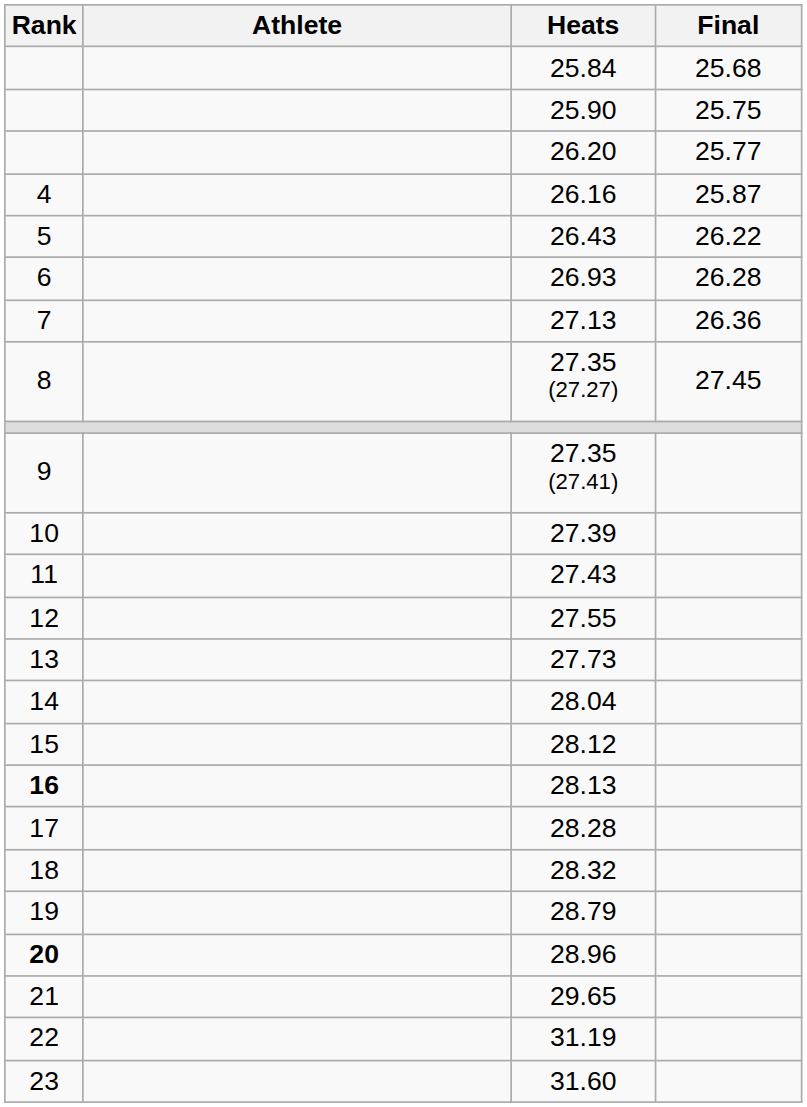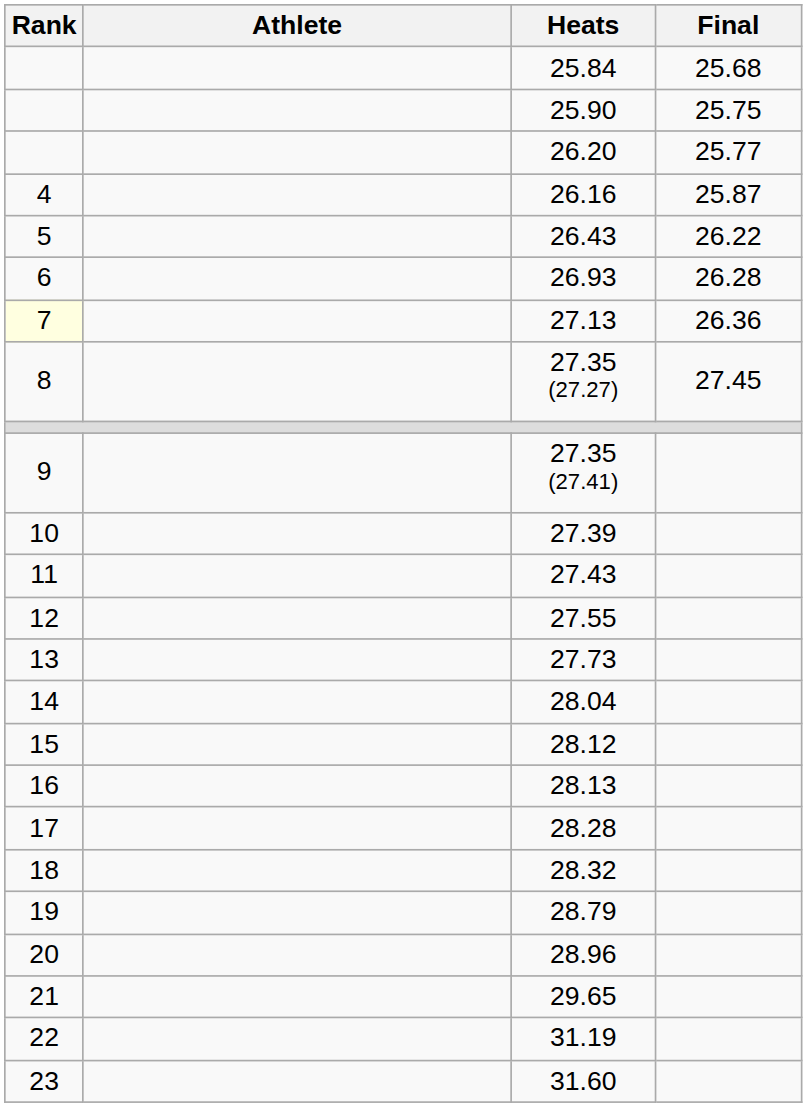 <table class=wikitable style="text-align:center">
 <tr>
 <th width=40>Rank</th>
 <th width=250>Athlete</th>
 <th width=80>Heats</th>
 <th width=80>Final</th>
 </tr>
 <tr>
 <td></td>
 <td align=left></td>
 <td>25.84</td>
 <td>25.68</td>
 </tr>
 <tr>
 <td></td>
 <td align=left></td>
 <td>25.90</td>
 <td>25.75</td>
 </tr>
 <tr>
 <td></td>
 <td align=left></td>
 <td>26.20</td>
 <td>25.77</td>
 </tr>
 <tr>
 <td>4</td>
 <td align=left></td>
 <td>26.16</td>
 <td>25.87</td>
 </tr>
 <tr>
 <td>5</td>
 <td align=left></td>
 <td>26.43</td>
 <td>26.22</td>
 </tr>
 <tr>
 <td>6</td>
 <td align=left></td>
 <td>26.93</td>
 <td>26.28</td>
 </tr>
 <tr>
-<td>7</td>
+<td style="background: lightyellow;">7</td>
 <td align=left></td>
 <td>27.13</td>
 <td>26.36</td>
 </tr>
 <tr>
 <td>8</td>
 <td align=left></td>
 <td>27.35 <sup>(27.27)</sup></td>
 <td>27.45</td>
 </tr>
 <tr bgcolor=#DDDDDD>
 <td colspan=4></td>
 </tr>
 <tr>
 <td>9</td>
 <td align=left></td>
 <td>27.35 <sup>(27.41)</sup></td>
 <td></td>
 </tr>
 <tr>
 <td>10</td>
 <td align=left></td>
 <td>27.39</td>
 <td></td>
 </tr>
 <tr>
 <td>11</td>
 <td align=left></td>
 <td>27.43</td>
 <td></td>
 </tr>
 <tr>
 <td>12</td>
 <td align=left></td>
 <td>27.55</td>
 <td></td>
 </tr>
 <tr>
 <td>13</td>
 <td align=left></td>
 <td>27.73</td>
 <td></td>
 </tr>
 <tr>
 <td>14</td>
 <td align=left></td>
 <td>28.04</td>
 <td></td>
 </tr>
 <tr>
 <td>15</td>
 <td align=left></td>
 <td>28.12</td>
 <td></td>
 </tr>
 <tr>
-<td><strong>16</strong></td>
+<td>16</td>
 <td align=left></td>
 <td>28.13</td>
 <td></td>
 </tr>
 <tr>
 <td>17</td>
 <td align=left></td>
 <td>28.28</td>
 <td></td>
 </tr>
 <tr>
 <td>18</td>
 <td align=left></td>
 <td>28.32</td>
 <td></td>
 </tr>
 <tr>
 <td>19</td>
 <td align=left></td>
 <td>28.79</td>
 <td></td>
 </tr>
 <tr>
-<td><strong>20</strong></td>
+<td>20</td>
 <td align=left></td>
 <td>28.96</td>
 <td></td>
 </tr>
 <tr>
 <td>21</td>
 <td align=left></td>
 <td>29.65</td>
 <td></td>
 </tr>
 <tr>
 <td>22</td>
 <td align=left></td>
 <td>31.19</td>
 <td></td>
 </tr>
 <tr>
 <td>23</td>
 <td align=left></td>
 <td>31.60</td>
 <td></td>
 </tr>
 </table>
